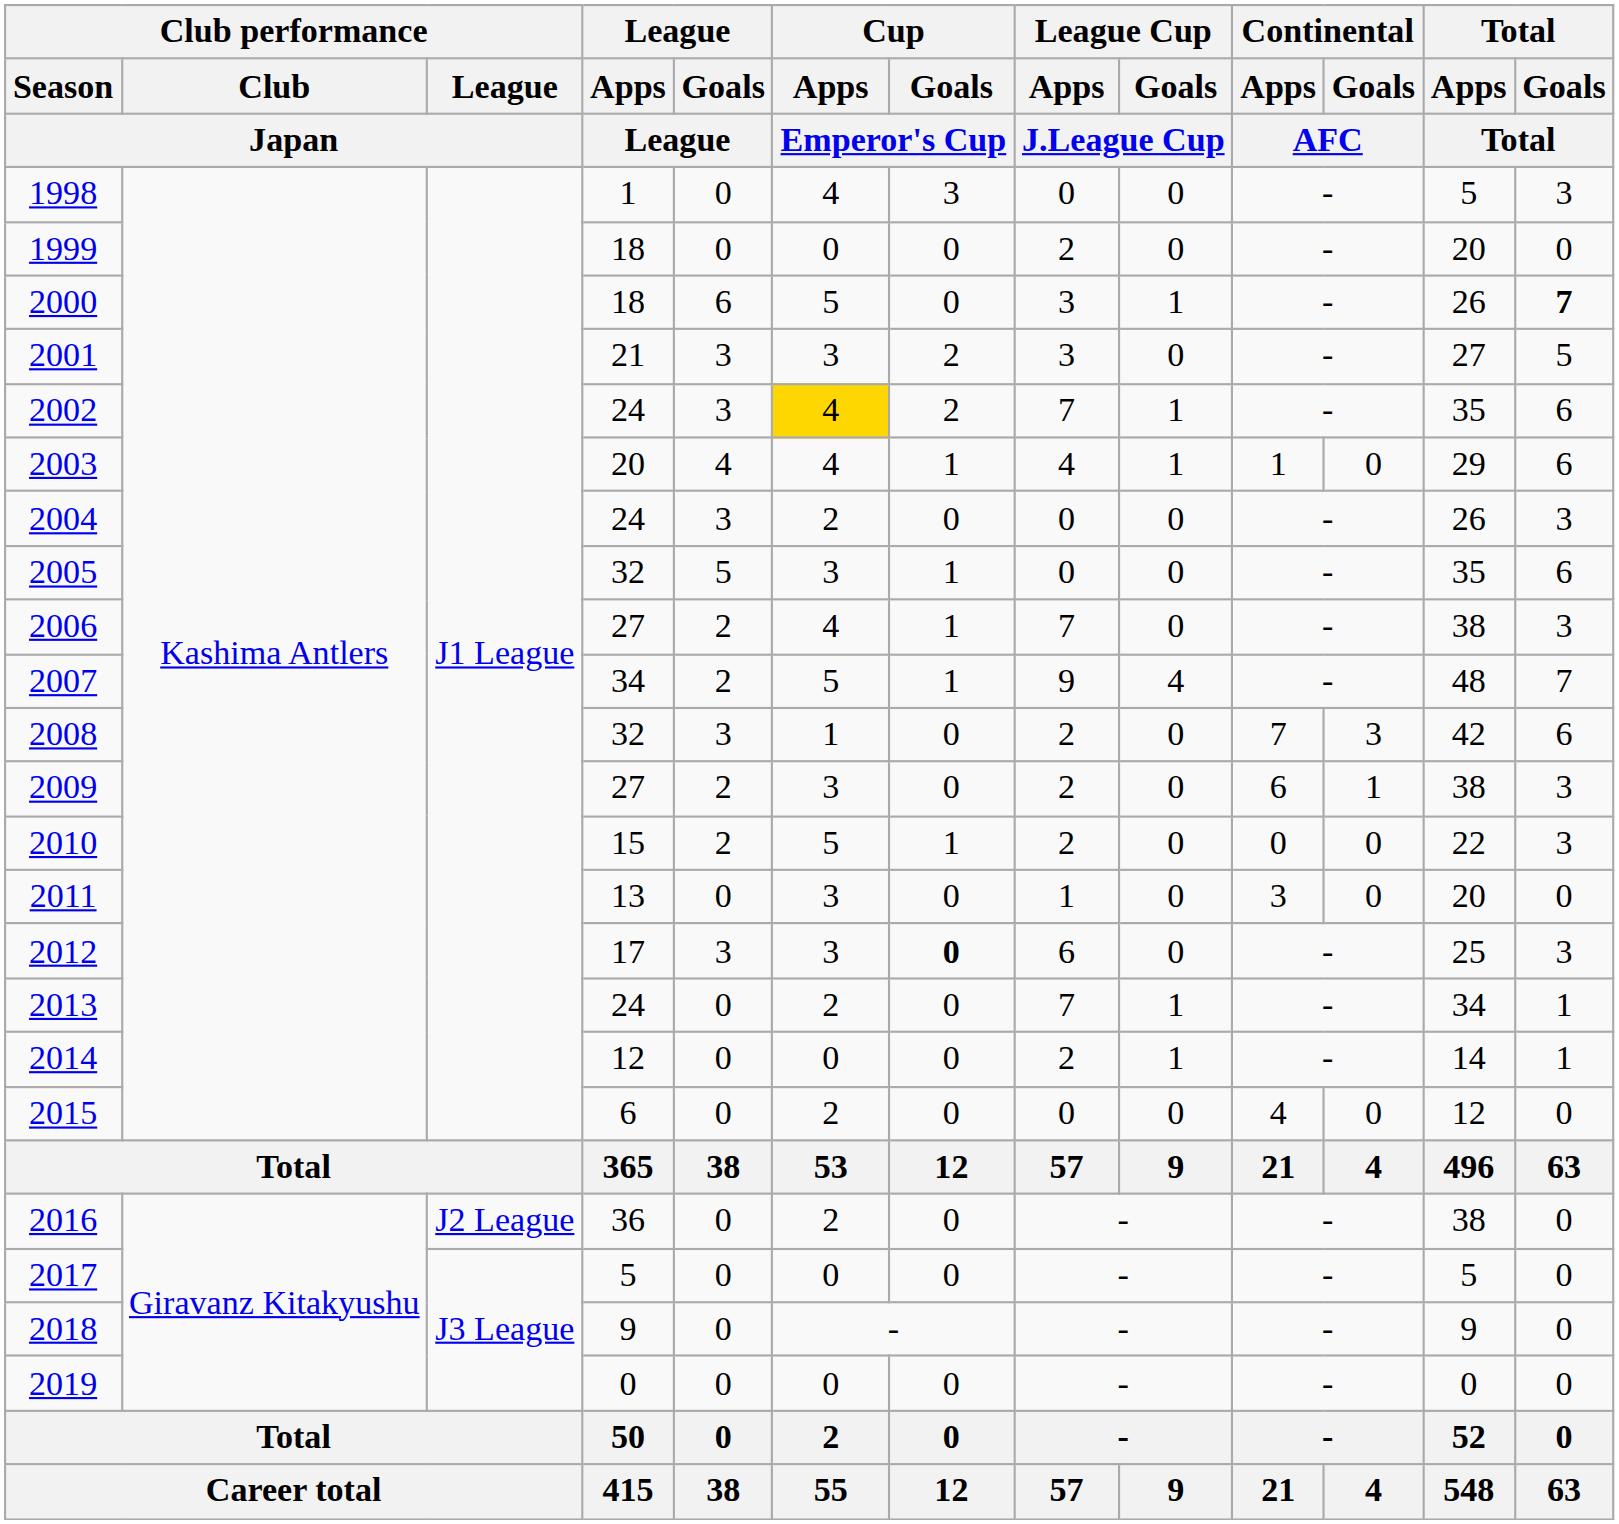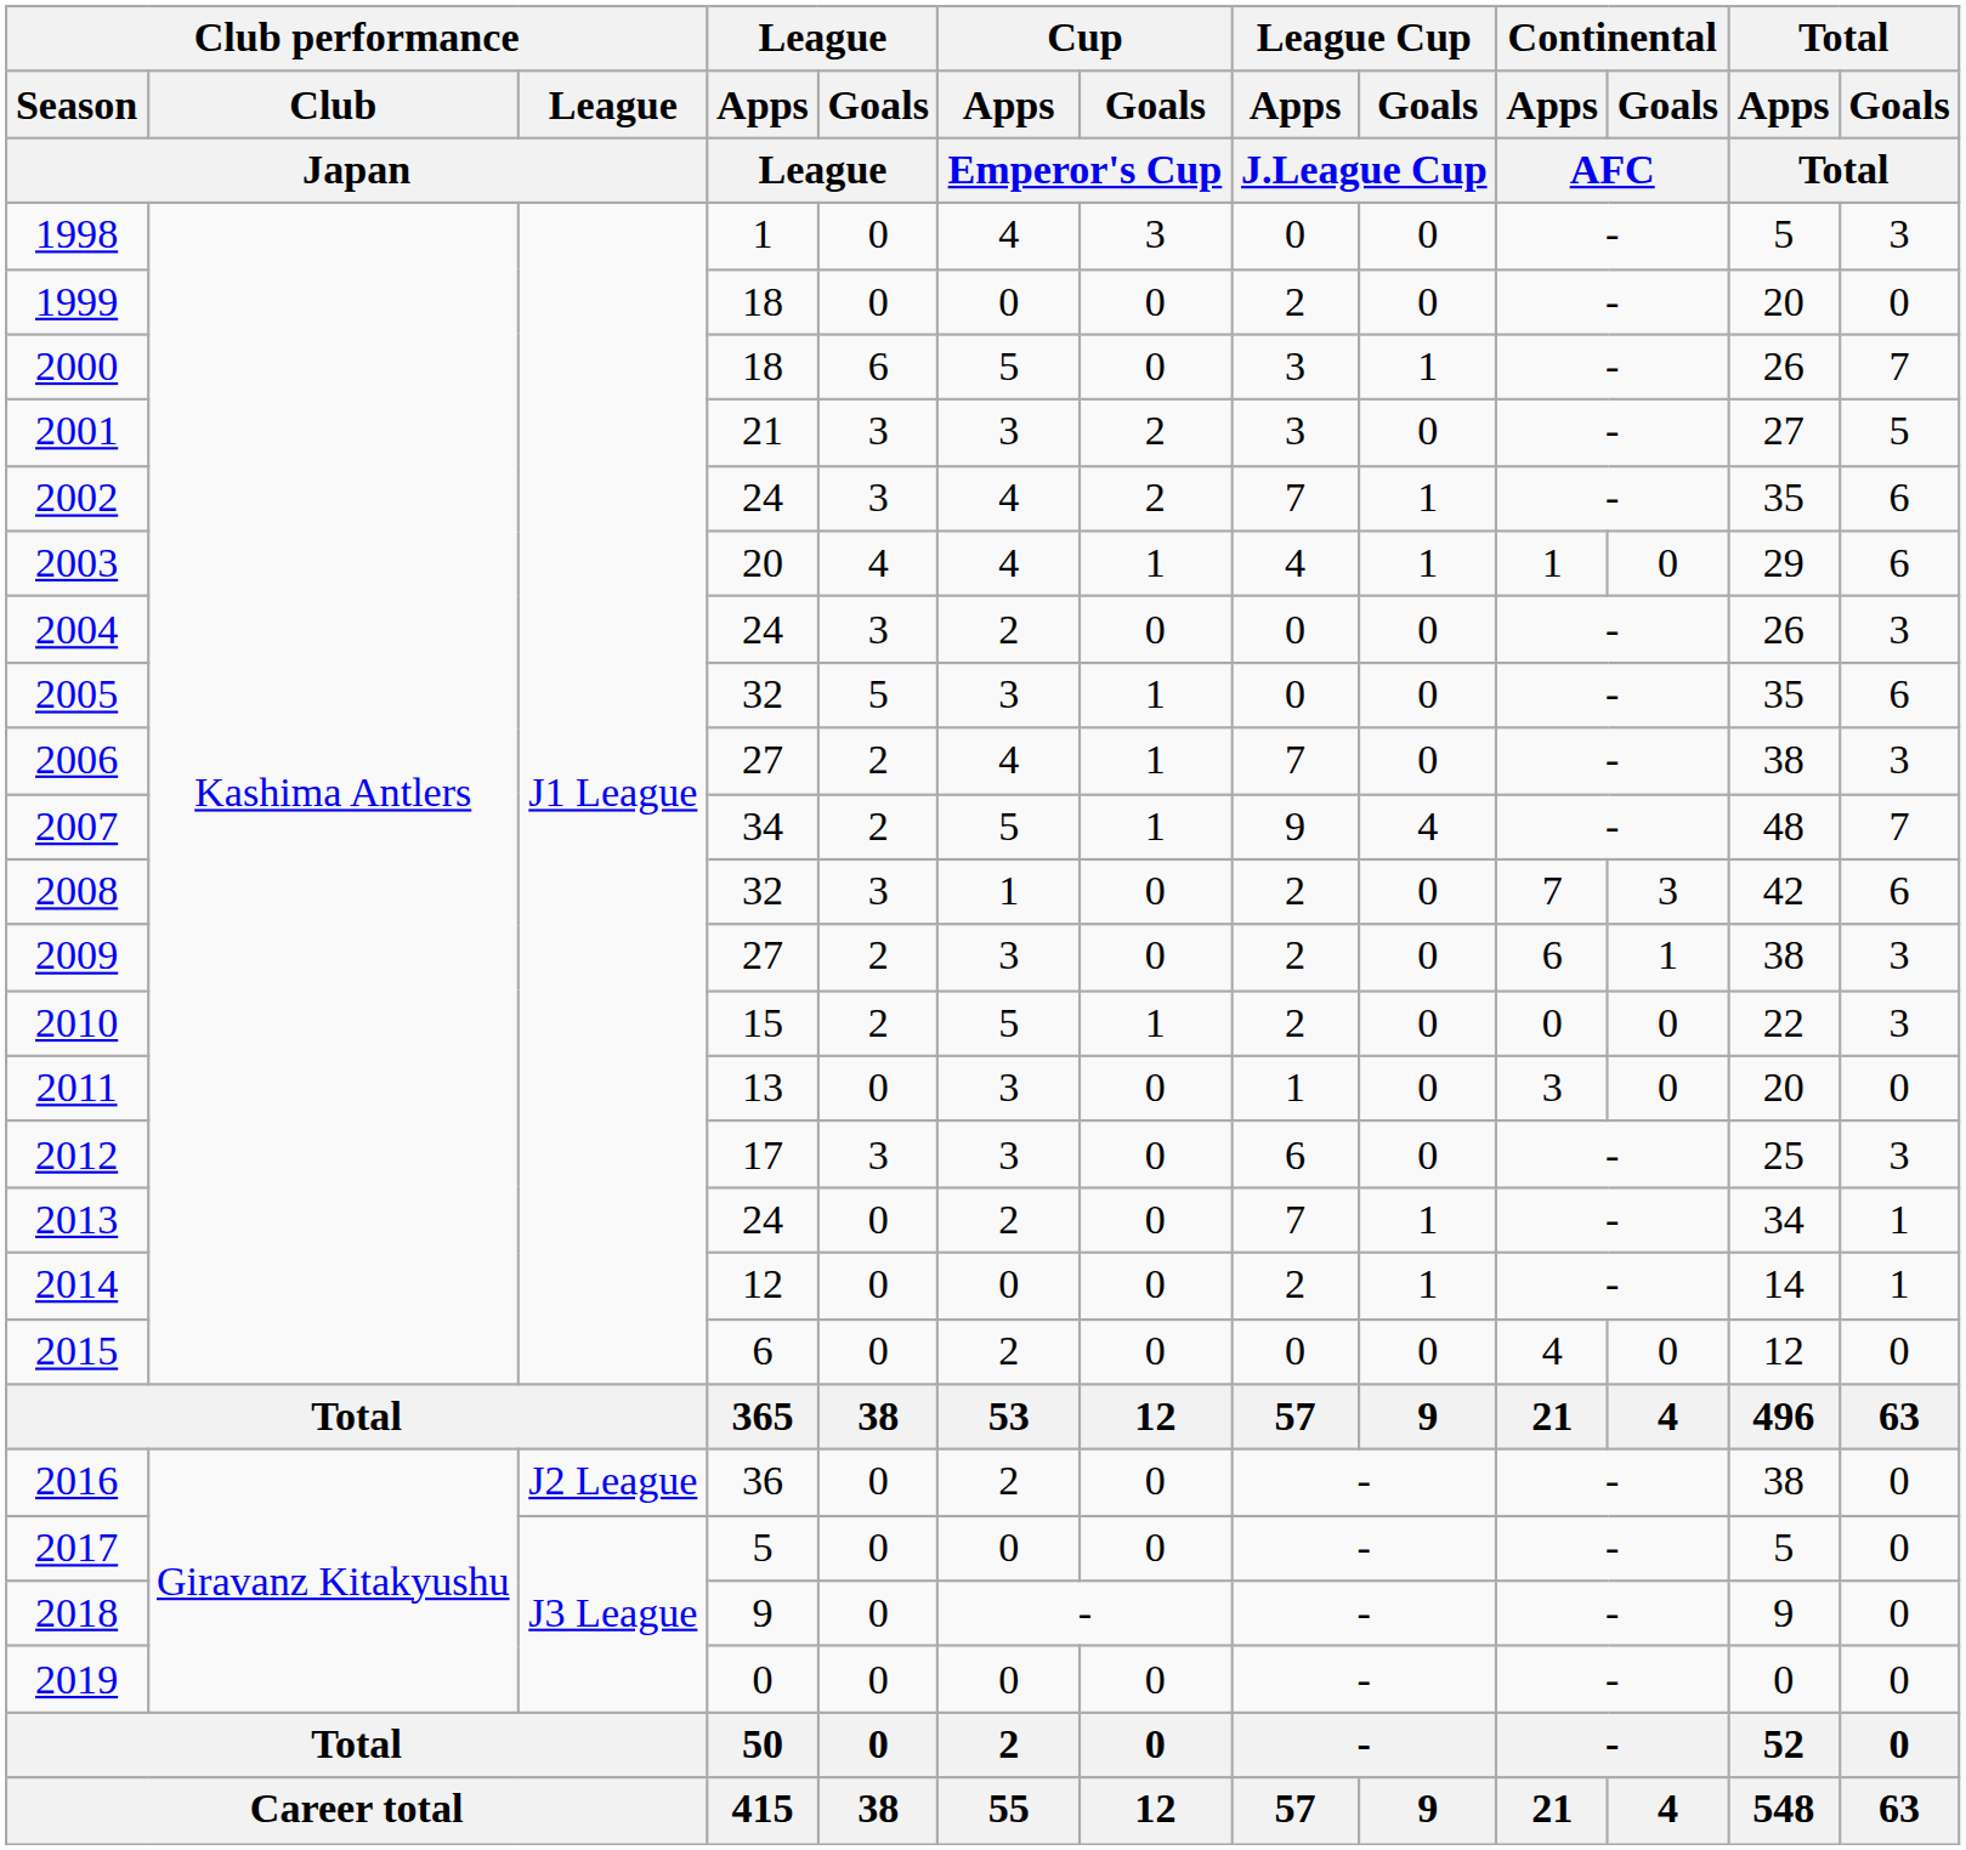 <table class="wikitable" style="text-align:center">
 <tr>
 <th colspan=3>Club performance</th>
 <th colspan=2>League</th>
 <th colspan=2>Cup</th>
 <th colspan=2>League Cup</th>
 <th colspan=2>Continental</th>
 <th colspan=2>Total</th>
 </tr>
 <tr>
 <th>Season</th>
 <th>Club</th>
 <th>League</th>
 <th>Apps</th>
 <th>Goals</th>
 <th>Apps</th>
 <th>Goals</th>
 <th>Apps</th>
 <th>Goals</th>
 <th>Apps</th>
 <th>Goals</th>
 <th>Apps</th>
 <th>Goals</th>
 </tr>
 <tr>
 <th colspan=3>Japan</th>
 <th colspan=2>League</th>
 <th colspan=2><a href='#'>Emperor's Cup</a></th>
 <th colspan=2><a href='#'>J.League Cup</a></th>
 <th colspan=2><a href='#'>AFC</a></th>
 <th colspan=2>Total</th>
 </tr>
 <tr>
 <td><a href='#'>1998</a></td>
 <td rowspan="18"><a href='#'>Kashima Antlers</a></td>
 <td rowspan="18"><a href='#'>J1 League</a></td>
 <td>1</td>
 <td>0</td>
 <td>4</td>
 <td>3</td>
 <td>0</td>
 <td>0</td>
 <td colspan="2">-</td>
 <td>5</td>
 <td>3</td>
 </tr>
 <tr>
 <td><a href='#'>1999</a></td>
 <td>18</td>
 <td>0</td>
 <td>0</td>
 <td>0</td>
 <td>2</td>
 <td>0</td>
 <td colspan="2">-</td>
 <td>20</td>
 <td>0</td>
 </tr>
 <tr>
 <td><a href='#'>2000</a></td>
 <td>18</td>
 <td>6</td>
 <td>5</td>
 <td>0</td>
 <td>3</td>
 <td>1</td>
 <td colspan="2">-</td>
 <td>26</td>
-<td><strong>7</strong></td>
+<td>7</td>
 </tr>
 <tr>
 <td><a href='#'>2001</a></td>
 <td>21</td>
 <td>3</td>
 <td>3</td>
 <td>2</td>
 <td>3</td>
 <td>0</td>
 <td colspan="2">-</td>
 <td>27</td>
 <td>5</td>
 </tr>
 <tr>
 <td><a href='#'>2002</a></td>
 <td>24</td>
 <td>3</td>
-<td style="background: gold;">4</td>
+<td>4</td>
 <td>2</td>
 <td>7</td>
 <td>1</td>
 <td colspan="2">-</td>
 <td>35</td>
 <td>6</td>
 </tr>
 <tr>
 <td><a href='#'>2003</a></td>
 <td>20</td>
 <td>4</td>
 <td>4</td>
 <td>1</td>
 <td>4</td>
 <td>1</td>
 <td>1</td>
 <td>0</td>
 <td>29</td>
 <td>6</td>
 </tr>
 <tr>
 <td><a href='#'>2004</a></td>
 <td>24</td>
 <td>3</td>
 <td>2</td>
 <td>0</td>
 <td>0</td>
 <td>0</td>
 <td colspan="2">-</td>
 <td>26</td>
 <td>3</td>
 </tr>
 <tr>
 <td><a href='#'>2005</a></td>
 <td>32</td>
 <td>5</td>
 <td>3</td>
 <td>1</td>
 <td>0</td>
 <td>0</td>
 <td colspan="2">-</td>
 <td>35</td>
 <td>6</td>
 </tr>
 <tr>
 <td><a href='#'>2006</a></td>
 <td>27</td>
 <td>2</td>
 <td>4</td>
 <td>1</td>
 <td>7</td>
 <td>0</td>
 <td colspan="2">-</td>
 <td>38</td>
 <td>3</td>
 </tr>
 <tr>
 <td><a href='#'>2007</a></td>
 <td>34</td>
 <td>2</td>
 <td>5</td>
 <td>1</td>
 <td>9</td>
 <td>4</td>
 <td colspan="2">-</td>
 <td>48</td>
 <td>7</td>
 </tr>
 <tr>
 <td><a href='#'>2008</a></td>
 <td>32</td>
 <td>3</td>
 <td>1</td>
 <td>0</td>
 <td>2</td>
 <td>0</td>
 <td>7</td>
 <td>3</td>
 <td>42</td>
 <td>6</td>
 </tr>
 <tr>
 <td><a href='#'>2009</a></td>
 <td>27</td>
 <td>2</td>
 <td>3</td>
 <td>0</td>
 <td>2</td>
 <td>0</td>
 <td>6</td>
 <td>1</td>
 <td>38</td>
 <td>3</td>
 </tr>
 <tr>
 <td><a href='#'>2010</a></td>
 <td>15</td>
 <td>2</td>
 <td>5</td>
 <td>1</td>
 <td>2</td>
 <td>0</td>
 <td>0</td>
 <td>0</td>
 <td>22</td>
 <td>3</td>
 </tr>
 <tr>
 <td><a href='#'>2011</a></td>
 <td>13</td>
 <td>0</td>
 <td>3</td>
 <td>0</td>
 <td>1</td>
 <td>0</td>
 <td>3</td>
 <td>0</td>
 <td>20</td>
 <td>0</td>
 </tr>
 <tr>
 <td><a href='#'>2012</a></td>
 <td>17</td>
 <td>3</td>
 <td>3</td>
-<td><strong>0</strong></td>
+<td>0</td>
 <td>6</td>
 <td>0</td>
 <td colspan="2">-</td>
 <td>25</td>
 <td>3</td>
 </tr>
 <tr>
 <td><a href='#'>2013</a></td>
 <td>24</td>
 <td>0</td>
 <td>2</td>
 <td>0</td>
 <td>7</td>
 <td>1</td>
 <td colspan="2">-</td>
 <td>34</td>
 <td>1</td>
 </tr>
 <tr>
 <td><a href='#'>2014</a></td>
 <td>12</td>
 <td>0</td>
 <td>0</td>
 <td>0</td>
 <td>2</td>
 <td>1</td>
 <td colspan="2">-</td>
 <td>14</td>
 <td>1</td>
 </tr>
 <tr>
 <td><a href='#'>2015</a></td>
 <td>6</td>
 <td>0</td>
 <td>2</td>
 <td>0</td>
 <td>0</td>
 <td>0</td>
 <td>4</td>
 <td>0</td>
 <td>12</td>
 <td>0</td>
 </tr>
 <tr>
 <th colspan="3">Total</th>
 <th>365</th>
 <th>38</th>
 <th>53</th>
 <th>12</th>
 <th>57</th>
 <th>9</th>
 <th>21</th>
 <th>4</th>
 <th>496</th>
 <th>63</th>
 </tr>
 <tr>
 <td><a href='#'>2016</a></td>
 <td rowspan="4"><a href='#'>Giravanz Kitakyushu</a></td>
 <td><a href='#'>J2 League</a></td>
 <td>36</td>
 <td>0</td>
 <td>2</td>
 <td>0</td>
 <td colspan="2">-</td>
 <td colspan="2">-</td>
 <td>38</td>
 <td>0</td>
 </tr>
 <tr>
 <td><a href='#'>2017</a></td>
 <td rowspan="3"><a href='#'>J3 League</a></td>
 <td>5</td>
 <td>0</td>
 <td>0</td>
 <td>0</td>
 <td colspan="2">-</td>
 <td colspan="2">-</td>
 <td>5</td>
 <td>0</td>
 </tr>
 <tr>
 <td><a href='#'>2018</a></td>
 <td>9</td>
 <td>0</td>
 <td colspan="2">-</td>
 <td colspan="2">-</td>
 <td colspan="2">-</td>
 <td>9</td>
 <td>0</td>
 </tr>
 <tr>
 <td><a href='#'>2019</a></td>
 <td>0</td>
 <td>0</td>
 <td>0</td>
 <td>0</td>
 <td colspan="2">-</td>
 <td colspan="2">-</td>
 <td>0</td>
 <td>0</td>
 </tr>
 <tr>
 <th colspan="3">Total</th>
 <th>50</th>
 <th>0</th>
 <th>2</th>
 <th>0</th>
 <th colspan="2">-</th>
 <th colspan="2">-</th>
 <th>52</th>
 <th>0</th>
 </tr>
 <tr>
 <th colspan=3>Career total</th>
 <th>415</th>
 <th>38</th>
 <th>55</th>
 <th>12</th>
 <th>57</th>
 <th>9</th>
 <th>21</th>
 <th>4</th>
 <th>548</th>
 <th>63</th>
 </tr>
 </table>
